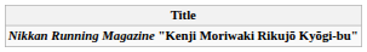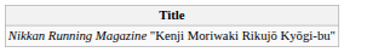 <table class="wikitable">
 <tr>
 <th>Title</th>
 </tr>
 <tr>
-<td><strong><em>Nikkan Running Magazine</em> "Kenji Moriwaki Rikujō Kyōgi-bu"</strong></td>
+<td><em>Nikkan Running Magazine</em> "Kenji Moriwaki Rikujō Kyōgi-bu"</td>
 </tr>
 </table>
